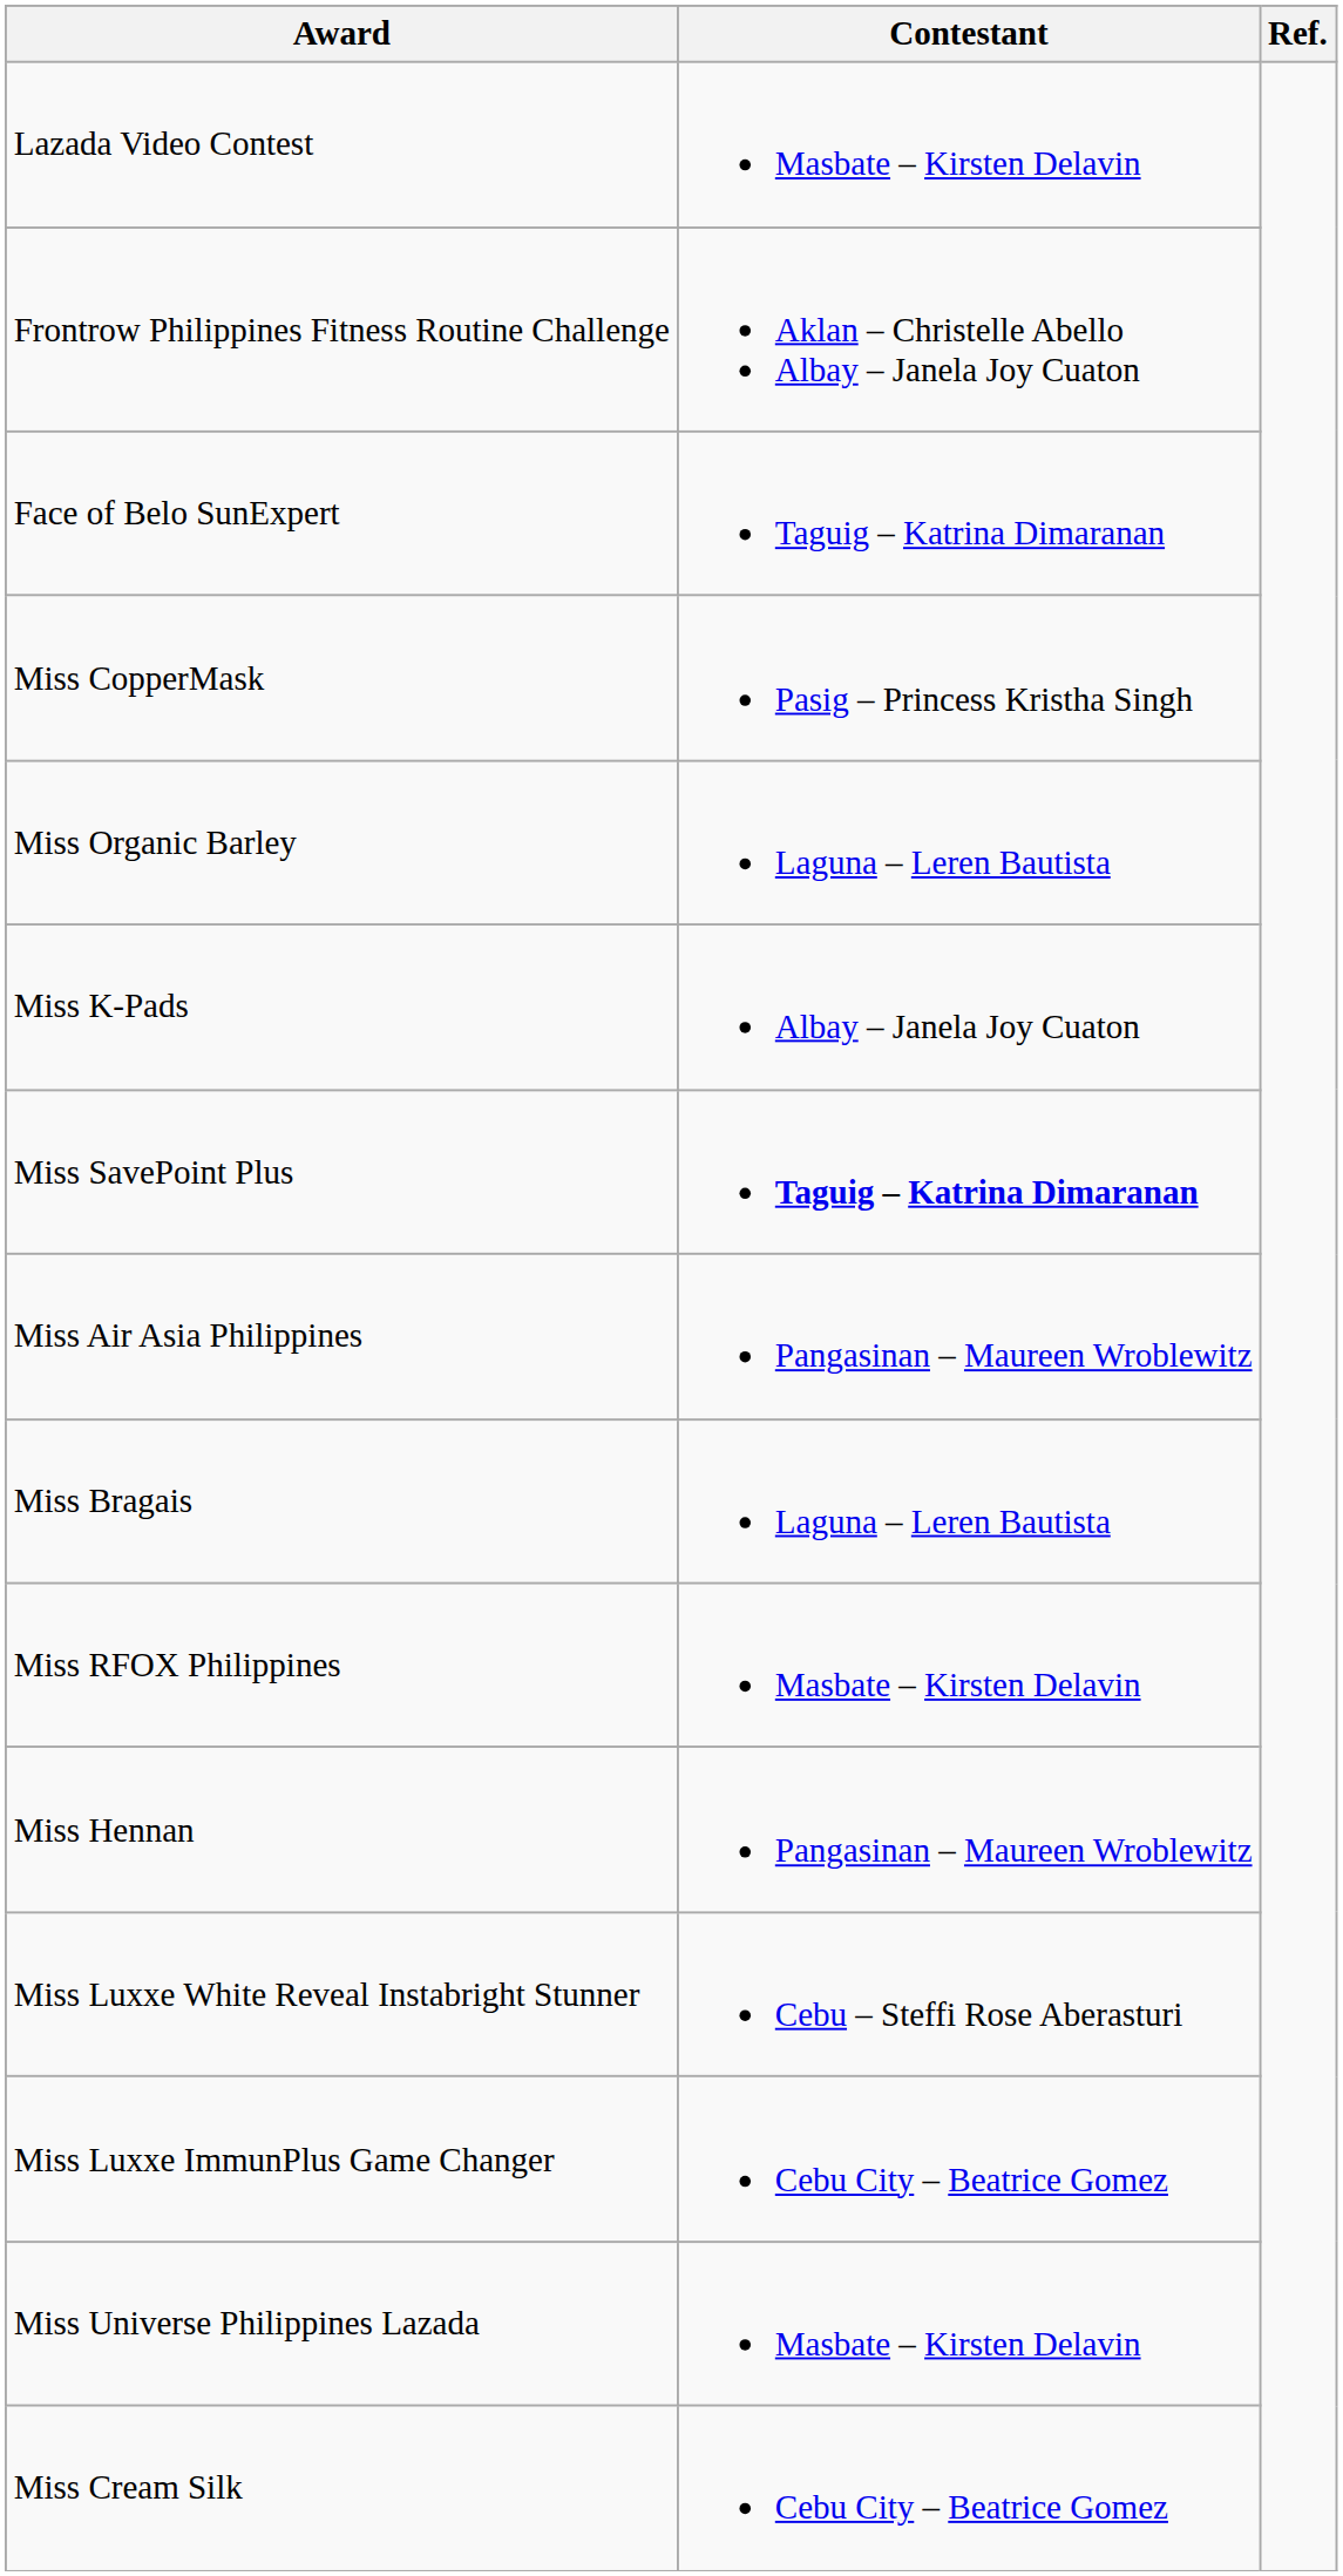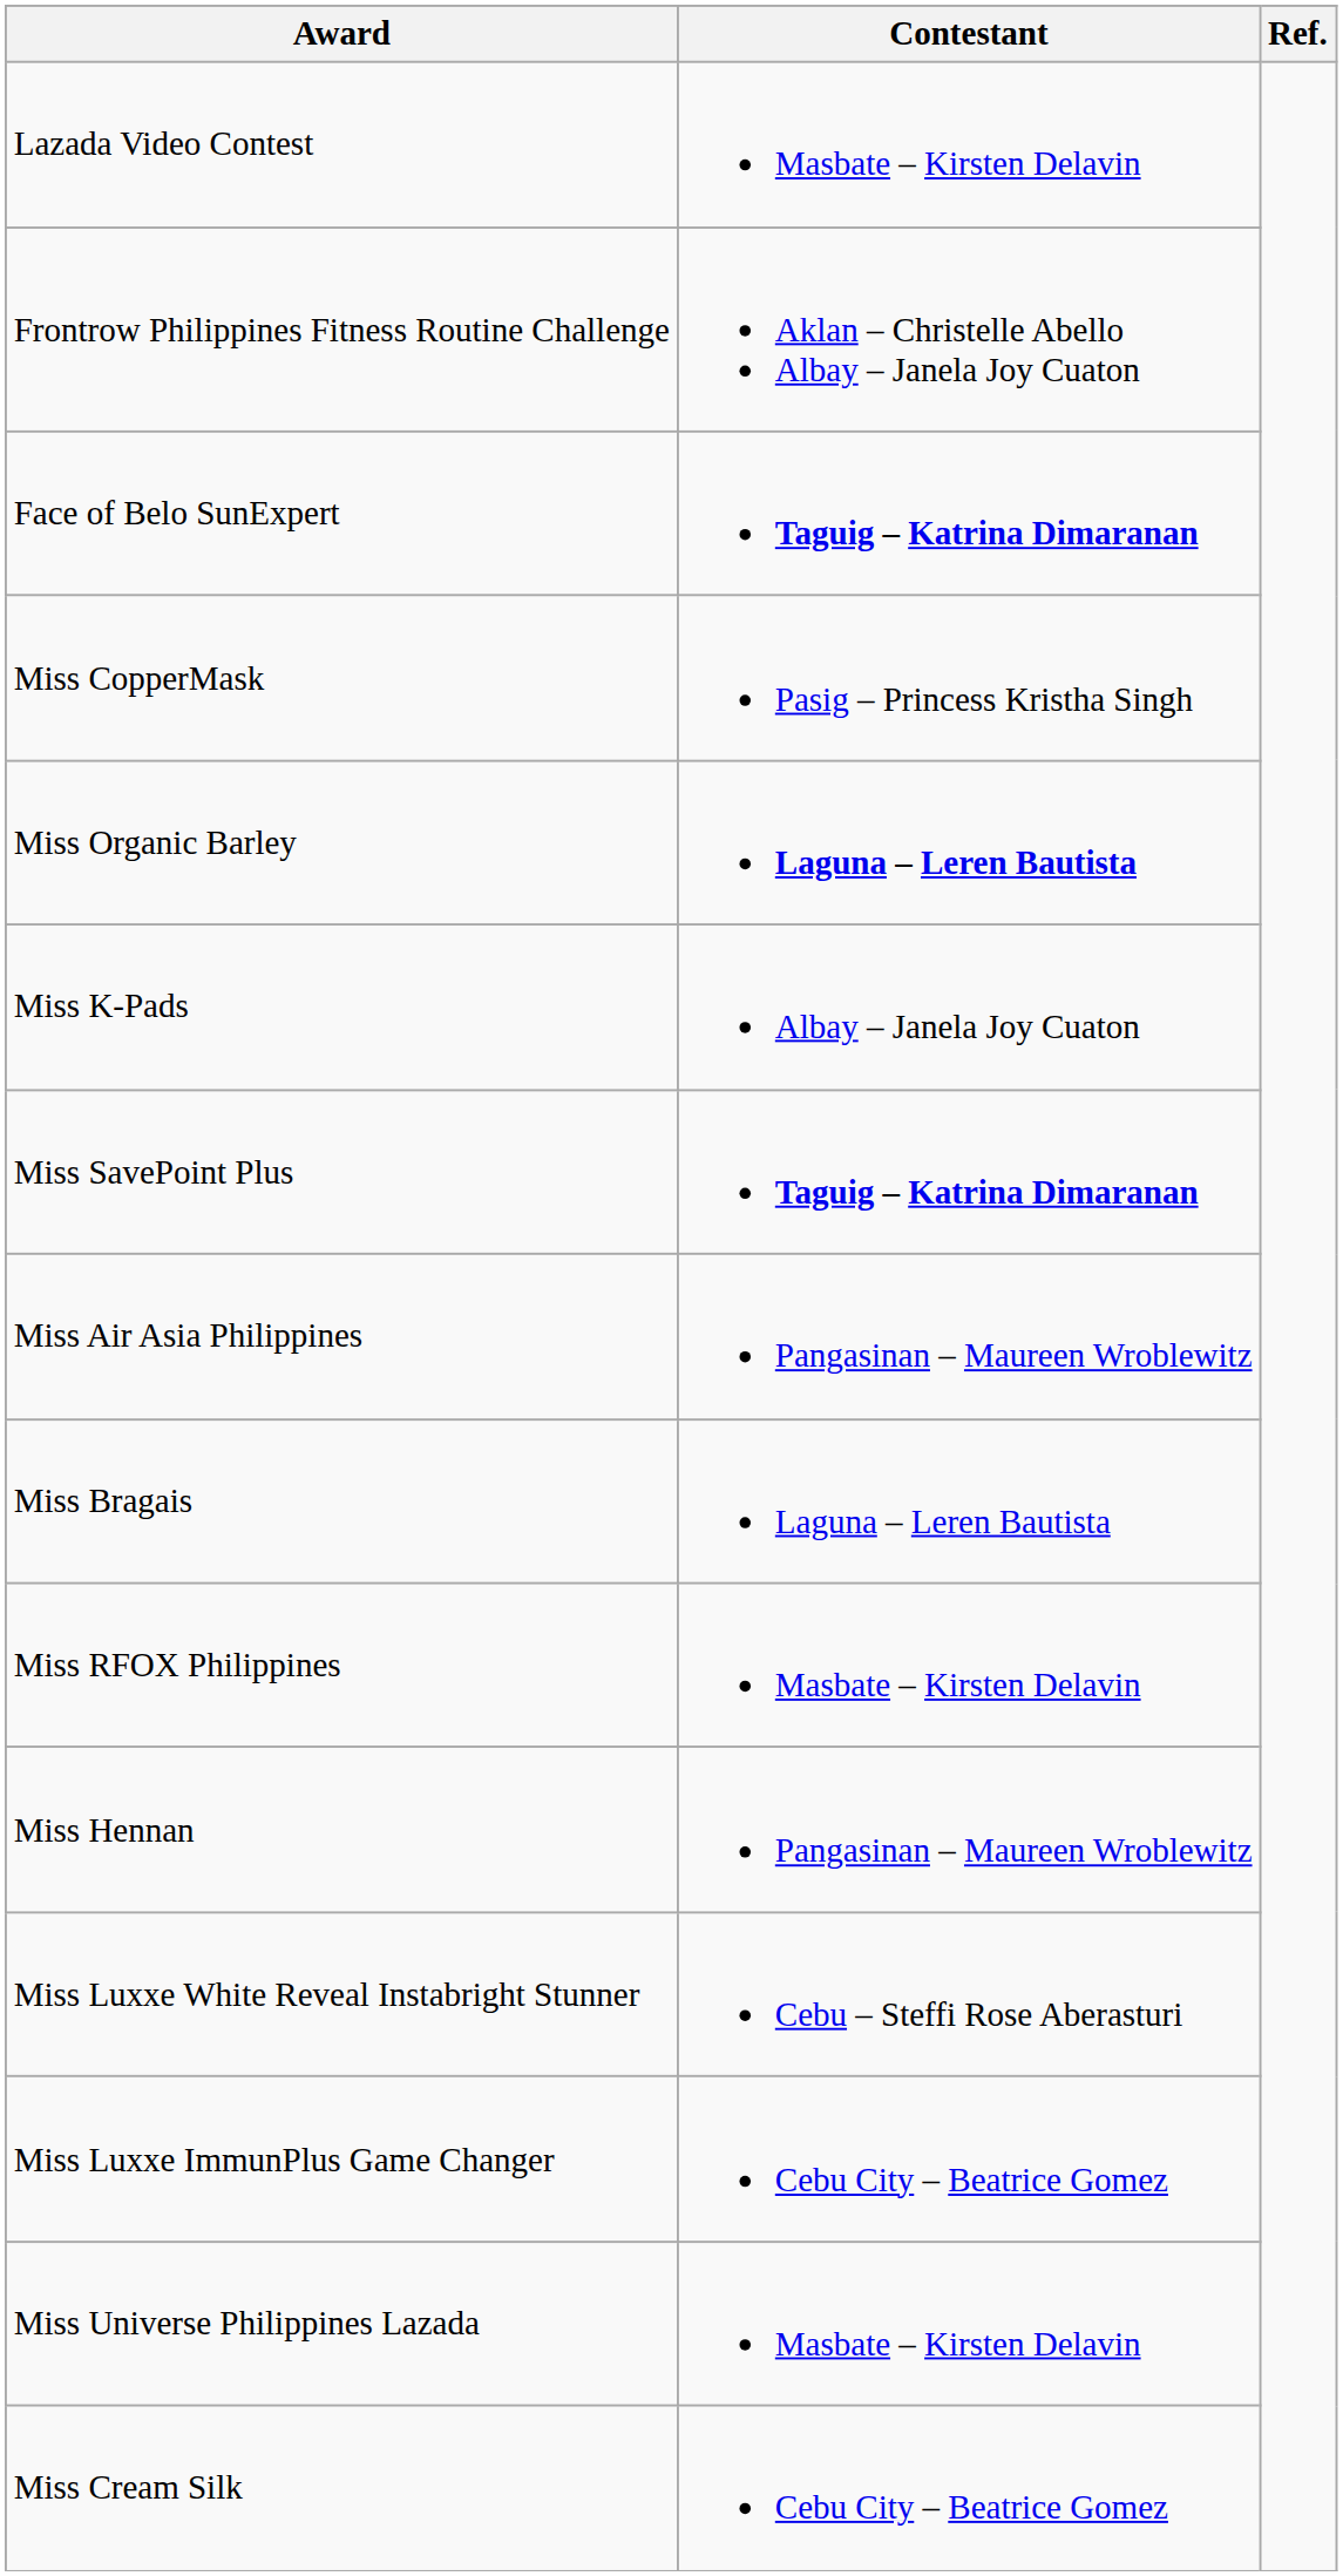 <table class="wikitable sortable" style="font-size: 95%;">
 <tr>
 <th>Award</th>
 <th>Contestant</th>
 <th>Ref.</th>
 </tr>
 <tr>
 <td>Lazada Video Contest</td>
 <td><br><ul><li><a href='#'>Masbate</a> – <a href='#'>Kirsten Delavin</a></li></ul></td>
 <td rowspan="15"><br><br><br><br><br></td>
 </tr>
 <tr>
 <td>Frontrow Philippines Fitness Routine Challenge</td>
 <td><br><ul><li><a href='#'>Aklan</a> – Christelle Abello</li><li><a href='#'>Albay</a> – Janela Joy Cuaton</li></ul></td>
 </tr>
 <tr>
 <td>Face of Belo SunExpert</td>
-<td><br><ul><li><a href='#'>Taguig</a> – <a href='#'>Katrina Dimaranan</a></li></ul></td>
+<td><strong><br><ul><li><a href='#'>Taguig</a> – <a href='#'>Katrina Dimaranan</a></li></ul></strong></td>
 </tr>
 <tr>
 <td>Miss CopperMask</td>
 <td><br><ul><li><a href='#'>Pasig</a> – Princess Kristha Singh</li></ul></td>
 </tr>
 <tr>
 <td>Miss Organic Barley</td>
-<td><br><ul><li><a href='#'>Laguna</a> – <a href='#'>Leren Bautista</a></li></ul></td>
+<td><strong><br><ul><li><a href='#'>Laguna</a> – <a href='#'>Leren Bautista</a></li></ul></strong></td>
 </tr>
 <tr>
 <td>Miss K-Pads</td>
 <td><br><ul><li><a href='#'>Albay</a> – Janela Joy Cuaton</li></ul></td>
 </tr>
 <tr>
 <td>Miss SavePoint Plus</td>
 <td><strong><br><ul><li><a href='#'>Taguig</a> – <a href='#'>Katrina Dimaranan</a></li></ul></strong></td>
 </tr>
 <tr>
 <td>Miss Air Asia Philippines</td>
 <td><br><ul><li><a href='#'>Pangasinan</a> – <a href='#'>Maureen Wroblewitz</a></li></ul></td>
 </tr>
 <tr>
 <td>Miss Bragais</td>
 <td><br><ul><li><a href='#'>Laguna</a> – <a href='#'>Leren Bautista</a></li></ul></td>
 </tr>
 <tr>
 <td>Miss RFOX Philippines</td>
 <td><br><ul><li><a href='#'>Masbate</a> – <a href='#'>Kirsten Delavin</a></li></ul></td>
 </tr>
 <tr>
 <td>Miss Hennan</td>
 <td><br><ul><li><a href='#'>Pangasinan</a> – <a href='#'>Maureen Wroblewitz</a></li></ul></td>
 </tr>
 <tr>
 <td>Miss Luxxe White Reveal Instabright Stunner</td>
 <td><br><ul><li><a href='#'>Cebu</a> – Steffi Rose Aberasturi</li></ul></td>
 </tr>
 <tr>
 <td>Miss Luxxe ImmunPlus Game Changer</td>
 <td><br><ul><li><a href='#'>Cebu City</a> – <a href='#'>Beatrice Gomez</a></li></ul></td>
 </tr>
 <tr>
 <td>Miss Universe Philippines Lazada</td>
 <td><br><ul><li><a href='#'>Masbate</a> – <a href='#'>Kirsten Delavin</a></li></ul></td>
 </tr>
 <tr>
 <td>Miss Cream Silk</td>
 <td><br><ul><li><a href='#'>Cebu City</a> – <a href='#'>Beatrice Gomez</a></li></ul></td>
 </tr>
 </table>
